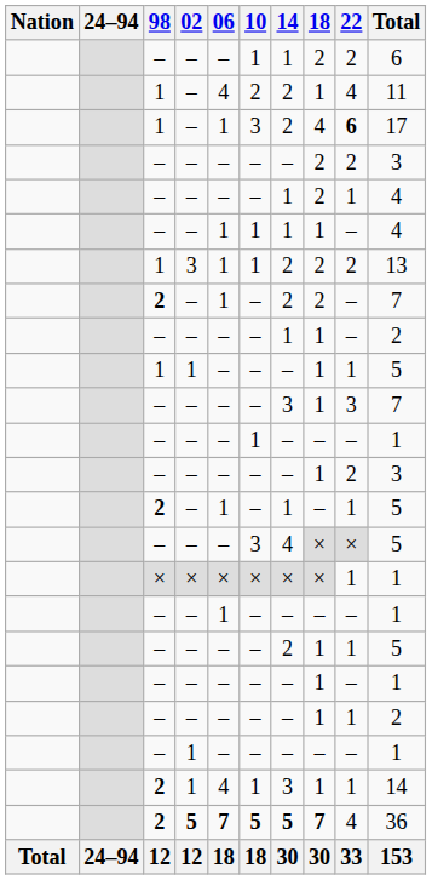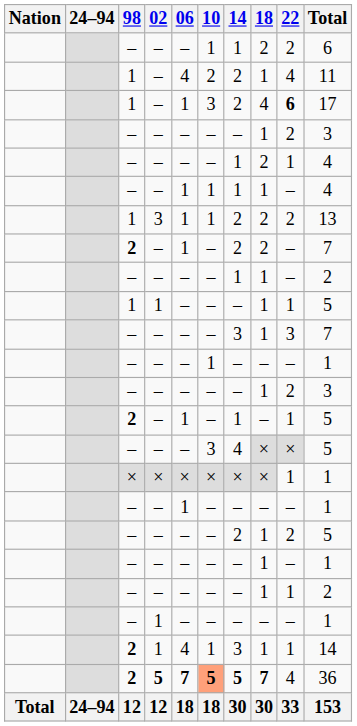 <table class="wikitable sortable" style="text-align:center">
 <tr>
 <th>Nation</th>
 <th><span>24–94</span></th>
 <th><a href='#'>98</a></th>
 <th><a href='#'>02</a></th>
 <th><a href='#'>06</a></th>
 <th><a href='#'>10</a></th>
 <th><a href='#'>14</a></th>
 <th><a href='#'>18</a></th>
 <th><a href='#'>22</a></th>
 <th>Total</th>
 </tr>
 <tr>
 <td style="text-align:left"></td>
 <td style="background:#ddd"> </td>
 <td>–</td>
 <td>–</td>
 <td>–</td>
 <td>1</td>
 <td>1</td>
 <td>2</td>
 <td>2</td>
 <td>6</td>
 </tr>
 <tr>
 <td style="text-align:left"></td>
 <td style="background:#ddd"> </td>
 <td>1</td>
 <td>–</td>
 <td>4</td>
 <td>2</td>
 <td>2</td>
 <td>1</td>
 <td>4</td>
 <td>11</td>
 </tr>
 <tr>
 <td style="text-align:left"></td>
 <td style="background:#ddd"> </td>
 <td>1</td>
 <td>–</td>
 <td>1</td>
 <td>3</td>
 <td>2</td>
 <td>4</td>
 <td><strong>6</strong></td>
 <td>17</td>
 </tr>
 <tr>
 <td style="text-align:left"></td>
 <td style="background:#ddd"> </td>
 <td>–</td>
 <td>–</td>
 <td>–</td>
 <td>–</td>
 <td>–</td>
-<td>2</td>
+<td>1</td>
 <td>2</td>
 <td>3</td>
 </tr>
 <tr>
 <td style="text-align:left"></td>
 <td style="background:#ddd"> </td>
 <td>–</td>
 <td>–</td>
 <td>–</td>
 <td>–</td>
 <td>1</td>
 <td>2</td>
 <td>1</td>
 <td>4</td>
 </tr>
 <tr>
 <td style="text-align:left"></td>
 <td style="background:#ddd"> </td>
 <td>–</td>
 <td>–</td>
 <td>1</td>
 <td>1</td>
 <td>1</td>
 <td>1</td>
 <td>–</td>
 <td>4</td>
 </tr>
 <tr>
 <td style="text-align:left"></td>
 <td style="background:#ddd"> </td>
 <td>1</td>
 <td>3</td>
 <td>1</td>
 <td>1</td>
 <td>2</td>
 <td>2</td>
 <td>2</td>
 <td>13</td>
 </tr>
 <tr>
 <td style="text-align:left"></td>
 <td style="background:#ddd"> </td>
 <td><strong>2</strong></td>
 <td>–</td>
 <td>1</td>
 <td>–</td>
 <td>2</td>
 <td>2</td>
 <td>–</td>
 <td>7</td>
 </tr>
 <tr>
 <td style="text-align:left"></td>
 <td style="background:#ddd"> </td>
 <td>–</td>
 <td>–</td>
 <td>–</td>
 <td>–</td>
 <td>1</td>
 <td>1</td>
 <td>–</td>
 <td>2</td>
 </tr>
 <tr>
 <td style="text-align:left"></td>
 <td style="background:#ddd"> </td>
 <td>1</td>
 <td>1</td>
 <td>–</td>
 <td>–</td>
 <td>–</td>
 <td>1</td>
 <td>1</td>
 <td>5</td>
 </tr>
 <tr>
 <td style="text-align:left"></td>
 <td style="background:#ddd"> </td>
 <td>–</td>
 <td>–</td>
 <td>–</td>
 <td>–</td>
 <td>3</td>
 <td>1</td>
 <td>3</td>
 <td>7</td>
 </tr>
 <tr>
 <td style="text-align:left"></td>
 <td style="background:#ddd"> </td>
 <td>–</td>
 <td>–</td>
 <td>–</td>
 <td>1</td>
 <td>–</td>
 <td>–</td>
 <td>–</td>
 <td>1</td>
 </tr>
 <tr>
 <td style="text-align:left"></td>
 <td style="background:#ddd"> </td>
 <td>–</td>
 <td>–</td>
 <td>–</td>
 <td>–</td>
 <td>–</td>
 <td>1</td>
 <td>2</td>
 <td>3</td>
 </tr>
 <tr>
 <td style="text-align:left"></td>
 <td style="background:#ddd"> </td>
 <td><strong>2</strong></td>
 <td>–</td>
 <td>1</td>
 <td>–</td>
 <td>1</td>
 <td>–</td>
 <td>1</td>
 <td>5</td>
 </tr>
 <tr>
 <td style="text-align:left"></td>
 <td style="background:#ddd"> </td>
 <td>–</td>
 <td>–</td>
 <td>–</td>
 <td>3</td>
 <td>4</td>
 <td style="background:#ddd">×</td>
 <td style="background:#ddd">×</td>
 <td>5</td>
 </tr>
 <tr>
 <td style="text-align:left"> </td>
 <td style="background:#ddd"> </td>
 <td style="background:#ddd">×</td>
 <td style="background:#ddd">×</td>
 <td style="background:#ddd">×</td>
 <td style="background:#ddd">×</td>
 <td style="background:#ddd">×</td>
 <td style="background:#ddd">×</td>
 <td>1</td>
 <td>1</td>
 </tr>
 <tr>
 <td style="text-align:left"></td>
 <td style="background:#ddd"> </td>
 <td>–</td>
 <td>–</td>
 <td>1</td>
 <td>–</td>
 <td>–</td>
 <td>–</td>
 <td>–</td>
 <td>1</td>
 </tr>
 <tr>
 <td style="text-align:left"></td>
 <td style="background:#ddd"> </td>
 <td>–</td>
 <td>–</td>
 <td>–</td>
 <td>–</td>
 <td>2</td>
 <td>1</td>
-<td>1</td>
+<td>2</td>
 <td>5</td>
 </tr>
 <tr>
 <td style="text-align:left"></td>
 <td style="background:#ddd"> </td>
 <td>–</td>
 <td>–</td>
 <td>–</td>
 <td>–</td>
 <td>–</td>
 <td>1</td>
 <td>–</td>
 <td>1</td>
 </tr>
 <tr>
 <td style="text-align:left"></td>
 <td style="background:#ddd"> </td>
 <td>–</td>
 <td>–</td>
 <td>–</td>
 <td>–</td>
 <td>–</td>
 <td>1</td>
 <td>1</td>
 <td>2</td>
 </tr>
 <tr>
 <td style="text-align:left"></td>
 <td style="background:#ddd"> </td>
 <td>–</td>
 <td>1</td>
 <td>–</td>
 <td>–</td>
 <td>–</td>
 <td>–</td>
 <td>–</td>
 <td>1</td>
 </tr>
 <tr>
 <td style="text-align:left"></td>
 <td style="background:#ddd"> </td>
 <td><strong>2</strong></td>
 <td>1</td>
 <td>4</td>
 <td>1</td>
 <td>3</td>
 <td>1</td>
 <td>1</td>
 <td>14</td>
 </tr>
 <tr>
 <td style="text-align:left"></td>
 <td style="background:#ddd"> </td>
 <td><strong>2</strong></td>
 <td><strong>5</strong></td>
 <td><strong>7</strong></td>
-<td><strong>5</strong></td>
+<td style="background: lightsalmon;"><strong>5</strong></td>
 <td><strong>5</strong></td>
 <td><strong>7</strong></td>
 <td>4</td>
 <td>36</td>
 </tr>
 <tr class="sortbottom">
 <th><strong>Total</strong></th>
 <th><span>24–94</span></th>
 <th>12</th>
 <th>12</th>
 <th>18</th>
 <th>18</th>
 <th>30</th>
 <th>30</th>
 <th>33</th>
 <th>153</th>
 </tr>
 </table>
